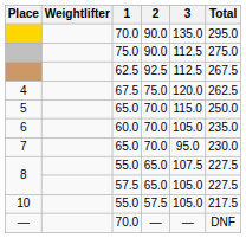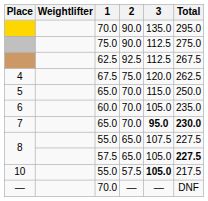 <table class=wikitable style="text-align:center">
 <tr>
 <th>Place</th>
 <th>Weightlifter</th>
 <th>1</th>
 <th>2</th>
 <th>3</th>
 <th>Total</th>
 </tr>
 <tr>
 <td bgcolor=gold></td>
 <td align=left></td>
 <td>70.0</td>
 <td>90.0</td>
 <td>135.0</td>
 <td>295.0</td>
 </tr>
 <tr>
 <td bgcolor=silver></td>
 <td align=left></td>
 <td>75.0</td>
 <td>90.0</td>
 <td>112.5</td>
 <td>275.0</td>
 </tr>
 <tr>
 <td bgcolor=cc9966></td>
 <td align=left></td>
 <td>62.5</td>
 <td>92.5</td>
 <td>112.5</td>
 <td>267.5</td>
 </tr>
 <tr>
 <td>4</td>
 <td align=left></td>
 <td>67.5</td>
 <td>75.0</td>
 <td>120.0</td>
 <td>262.5</td>
 </tr>
 <tr>
 <td>5</td>
 <td align=left></td>
 <td>65.0</td>
 <td>70.0</td>
 <td>115.0</td>
 <td>250.0</td>
 </tr>
 <tr>
 <td>6</td>
 <td align=left></td>
 <td>60.0</td>
 <td>70.0</td>
 <td>105.0</td>
 <td>235.0</td>
 </tr>
 <tr>
 <td>7</td>
 <td align=left></td>
 <td>65.0</td>
 <td>70.0</td>
-<td>95.0</td>
-<td>230.0</td>
+<td><strong>95.0</strong></td>
+<td><strong>230.0</strong></td>
 </tr>
 <tr>
 <td rowspan=2>8</td>
 <td align=left></td>
 <td>55.0</td>
 <td>65.0</td>
 <td>107.5</td>
 <td>227.5</td>
 </tr>
 <tr>
 <td align=left></td>
 <td>57.5</td>
 <td>65.0</td>
 <td>105.0</td>
-<td>227.5</td>
+<td><strong>227.5</strong></td>
 </tr>
 <tr>
 <td>10</td>
 <td align=left></td>
 <td>55.0</td>
 <td>57.5</td>
-<td>105.0</td>
+<td><strong>105.0</strong></td>
 <td>217.5</td>
 </tr>
 <tr>
 <td>—</td>
 <td align=left></td>
 <td>70.0</td>
 <td>—</td>
 <td>—</td>
 <td>DNF</td>
 </tr>
 </table>
